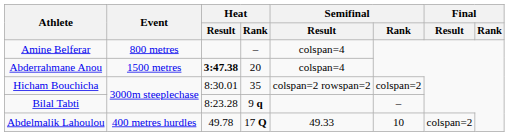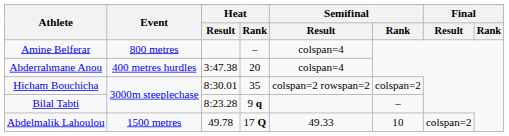 <table class="wikitable" style="font-size:90%">
 <tr>
 <th rowspan="2">Athlete</th>
 <th rowspan="2">Event</th>
 <th colspan="2">Heat</th>
 <th colspan="2">Semifinal</th>
 <th colspan="2">Final</th>
 </tr>
 <tr style="font-size:95%">
 <th>Result</th>
 <th>Rank</th>
 <th>Result</th>
 <th>Rank</th>
 <th>Result</th>
 <th>Rank</th>
 </tr>
 <tr style=text-align:center>
 <td><a href='#'>Amine Belferar</a></td>
 <td><a href='#'>800 metres</a></td>
 <td></td>
 <td>–</td>
 <td>colspan=4 </td>
 </tr>
 <tr style=text-align:center>
 <td><a href='#'>Abderrahmane Anou</a></td>
-<td><a href='#'>1500 metres</a></td>
-<td><strong>3:47.38</strong></td>
+<td><a href='#'>400 metres hurdles</a></td>
+<td>3:47.38</td>
 <td>20</td>
 <td>colspan=4 </td>
 </tr>
 <tr style=text-align:center>
 <td><a href='#'>Hicham Bouchicha</a></td>
 <td rowspan=2><a href='#'>3000m steeplechase</a></td>
 <td>8:30.01</td>
 <td>35</td>
 <td>colspan=2 rowspan=2 </td>
 <td>colspan=2 </td>
 </tr>
 <tr style=text-align:center>
 <td><a href='#'>Bilal Tabti</a></td>
 <td>8:23.28</td>
 <td>9 <strong>q</strong></td>
 <td></td>
 <td>–</td>
 </tr>
 <tr style=text-align:center>
 <td><a href='#'>Abdelmalik Lahoulou</a></td>
-<td><a href='#'>400 metres hurdles</a></td>
+<td><a href='#'>1500 metres</a></td>
 <td>49.78</td>
 <td>17 <strong>Q</strong></td>
 <td>49.33</td>
 <td>10</td>
 <td>colspan=2 </td>
 </tr>
 </table>
